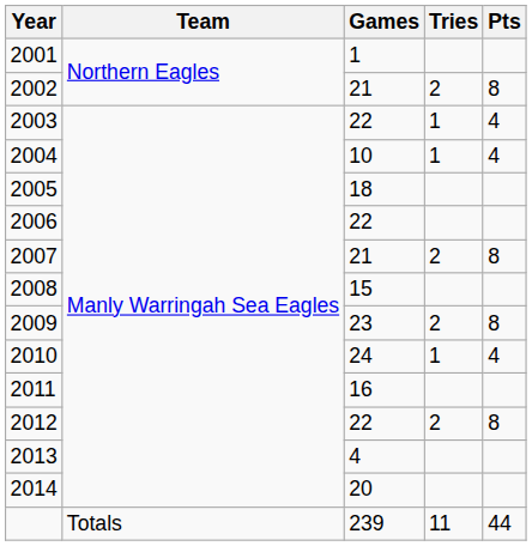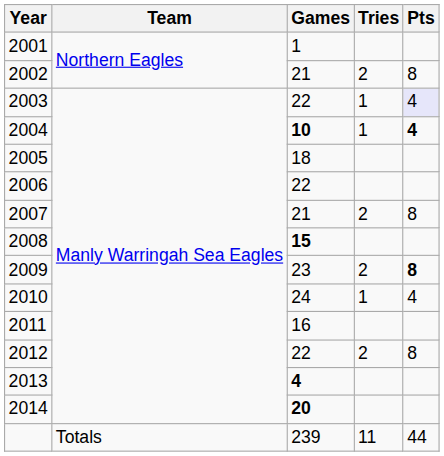 <table class="wikitable">
 <tr>
 <th>Year</th>
 <th>Team</th>
 <th>Games</th>
 <th>Tries</th>
 <th>Pts</th>
 </tr>
 <tr>
 <td>2001</td>
 <td rowspan="2"> <a href='#'>Northern Eagles</a></td>
 <td>1</td>
 <td></td>
 <td></td>
 </tr>
 <tr>
 <td>2002</td>
 <td>21</td>
 <td>2</td>
 <td>8</td>
 </tr>
 <tr>
 <td>2003</td>
 <td rowspan="12"> <a href='#'>Manly Warringah Sea Eagles</a></td>
 <td>22</td>
 <td>1</td>
-<td>4</td>
+<td style="background: lavender;">4</td>
 </tr>
 <tr>
 <td>2004</td>
-<td>10</td>
+<td><strong>10</strong></td>
 <td>1</td>
-<td>4</td>
+<td><strong>4</strong></td>
 </tr>
 <tr>
 <td>2005</td>
 <td>18</td>
 <td></td>
 <td></td>
 </tr>
 <tr>
 <td>2006</td>
 <td>22</td>
 <td></td>
 <td></td>
 </tr>
 <tr>
 <td>2007</td>
 <td>21</td>
 <td>2</td>
 <td>8</td>
 </tr>
 <tr>
 <td>2008</td>
-<td>15</td>
+<td><strong>15</strong></td>
 <td></td>
 <td></td>
 </tr>
 <tr>
 <td>2009</td>
 <td>23</td>
 <td>2</td>
-<td>8</td>
+<td><strong>8</strong></td>
 </tr>
 <tr>
 <td>2010</td>
 <td>24</td>
 <td>1</td>
 <td>4</td>
 </tr>
 <tr>
 <td>2011</td>
 <td>16</td>
 <td></td>
 <td></td>
 </tr>
 <tr>
 <td>2012</td>
 <td>22</td>
 <td>2</td>
 <td>8</td>
 </tr>
 <tr>
 <td>2013</td>
-<td>4</td>
+<td><strong>4</strong></td>
 <td></td>
 <td></td>
 </tr>
 <tr>
 <td>2014</td>
-<td>20</td>
+<td><strong>20</strong></td>
 <td></td>
 <td></td>
 </tr>
 <tr>
 <td></td>
 <td>Totals</td>
 <td>239</td>
 <td>11</td>
 <td>44</td>
 </tr>
 </table>
